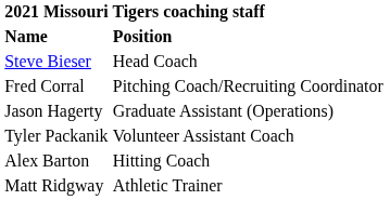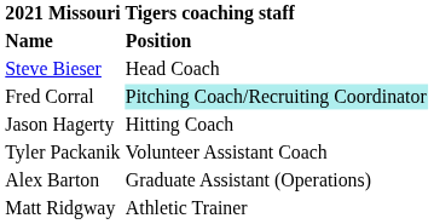 <table class="toccolours" style="text-align: left; font-size:90%;">
 <tr>
 <th colspan="10">2021 Missouri Tigers coaching staff</th>
 </tr>
 <tr>
 <th>Name</th>
 <th>Position</th>
 </tr>
 <tr>
 <td><a href='#'>Steve Bieser</a></td>
 <td>Head Coach</td>
 </tr>
 <tr>
 <td>Fred Corral</td>
-<td>Pitching Coach/Recruiting Coordinator</td>
+<td style="background: paleturquoise;">Pitching Coach/Recruiting Coordinator</td>
 </tr>
 <tr>
 <td>Jason Hagerty</td>
-<td>Graduate Assistant (Operations)</td>
+<td>Hitting Coach</td>
 </tr>
 <tr>
 <td>Tyler Packanik</td>
 <td>Volunteer Assistant Coach</td>
 </tr>
 <tr>
 <td>Alex Barton</td>
-<td>Hitting Coach</td>
+<td>Graduate Assistant (Operations)</td>
 </tr>
 <tr>
 <td>Matt Ridgway</td>
 <td>Athletic Trainer</td>
 </tr>
 </table>
